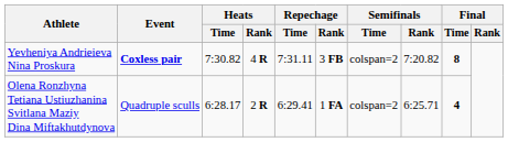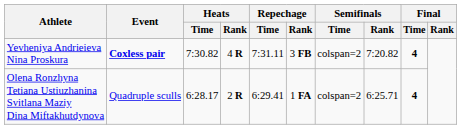 <table class="wikitable" style="font-size:90%">
 <tr>
 <th rowspan="2">Athlete</th>
 <th rowspan="2">Event</th>
 <th colspan="2">Heats</th>
 <th colspan="2">Repechage</th>
 <th colspan="2">Semifinals</th>
 <th colspan="2">Final</th>
 </tr>
 <tr style="font-size:95%">
 <th>Time</th>
 <th>Rank</th>
 <th>Time</th>
 <th>Rank</th>
 <th>Time</th>
 <th>Rank</th>
 <th>Time</th>
 <th>Rank</th>
 </tr>
 <tr align=center>
 <td align=left><a href='#'>Yevheniya Andrieieva</a><br><a href='#'>Nina Proskura</a></td>
 <td align=left><strong><a href='#'>Coxless pair</a></strong></td>
 <td>7:30.82</td>
 <td>4 <strong>R</strong></td>
 <td>7:31.11</td>
 <td>3 <strong>FB</strong></td>
 <td>colspan=2 </td>
 <td>7:20.82</td>
-<td><strong>8</strong></td>
+<td><strong>4</strong></td>
 </tr>
 <tr align=center>
 <td align=left><a href='#'>Olena Ronzhyna</a><br><a href='#'>Tetiana Ustiuzhanina</a><br><a href='#'>Svitlana Maziy</a><br><a href='#'>Dina Miftakhutdynova</a></td>
 <td align=left><a href='#'>Quadruple sculls</a></td>
 <td>6:28.17</td>
 <td>2 <strong>R</strong></td>
 <td>6:29.41</td>
 <td>1 <strong>FA</strong></td>
 <td>colspan=2 </td>
 <td>6:25.71</td>
 <td><strong>4</strong></td>
 </tr>
 </table>
